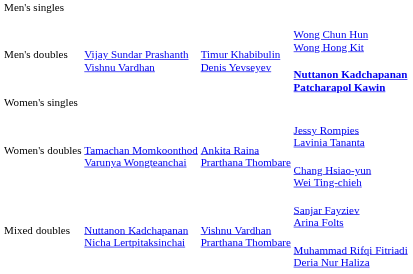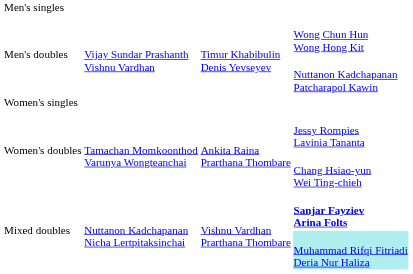 <table>
 <tr>
 <td rowspan=2>Men's singles</td>
 <td rowspan=2></td>
 <td rowspan=2></td>
 <td></td>
 </tr>
 <tr>
 <td></td>
 </tr>
 <tr>
 <td rowspan=2>Men's doubles</td>
 <td rowspan=2><br><a href='#'>Vijay Sundar Prashanth</a><br><a href='#'>Vishnu Vardhan</a></td>
 <td rowspan=2><br><a href='#'>Timur Khabibulin</a><br><a href='#'>Denis Yevseyev</a></td>
 <td><br><a href='#'>Wong Chun Hun</a><br><a href='#'>Wong Hong Kit</a></td>
 </tr>
 <tr>
-<td><strong><br><a href='#'>Nuttanon Kadchapanan</a><br><a href='#'>Patcharapol Kawin</a></strong></td>
+<td><br><a href='#'>Nuttanon Kadchapanan</a><br><a href='#'>Patcharapol Kawin</a></td>
 </tr>
 <tr>
 <td rowspan=2>Women's singles</td>
 <td rowspan=2></td>
 <td rowspan=2></td>
 <td></td>
 </tr>
 <tr>
 <td></td>
 </tr>
 <tr>
 <td rowspan=2>Women's doubles</td>
 <td rowspan=2><br><a href='#'>Tamachan Momkoonthod</a><br><a href='#'>Varunya Wongteanchai</a></td>
 <td rowspan=2><br><a href='#'>Ankita Raina</a><br><a href='#'>Prarthana Thombare</a></td>
 <td><br><a href='#'>Jessy Rompies</a><br><a href='#'>Lavinia Tananta</a></td>
 </tr>
 <tr>
 <td><br><a href='#'>Chang Hsiao-yun</a><br><a href='#'>Wei Ting-chieh</a></td>
 </tr>
 <tr>
 <td rowspan=2>Mixed doubles</td>
 <td rowspan=2><br><a href='#'>Nuttanon Kadchapanan</a><br><a href='#'>Nicha Lertpitaksinchai</a></td>
 <td rowspan=2><br><a href='#'>Vishnu Vardhan</a><br><a href='#'>Prarthana Thombare</a></td>
-<td><br><a href='#'>Sanjar Fayziev</a><br><a href='#'>Arina Folts</a></td>
+<td><strong><br><a href='#'>Sanjar Fayziev</a><br><a href='#'>Arina Folts</a></strong></td>
 </tr>
 <tr>
-<td><br><a href='#'>Muhammad Rifqi Fitriadi</a><br><a href='#'>Deria Nur Haliza</a></td>
+<td style="background: paleturquoise;"><br><a href='#'>Muhammad Rifqi Fitriadi</a><br><a href='#'>Deria Nur Haliza</a></td>
 </tr>
 </table>
